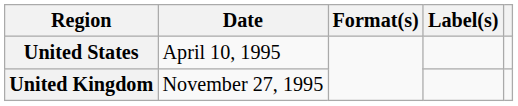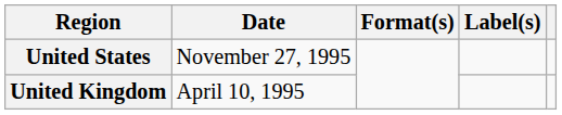 <table class="wikitable plainrowheaders">
 <tr>
 <th scope="col">Region</th>
 <th scope="col">Date</th>
 <th scope="col">Format(s)</th>
 <th scope="col">Label(s)</th>
 <th scope="col"></th>
 </tr>
 <tr>
 <th scope="row">United States</th>
-<td>April 10, 1995</td>
+<td>November 27, 1995</td>
 <td rowspan="2"></td>
 <td></td>
 <td></td>
 </tr>
 <tr>
 <th scope="row">United Kingdom</th>
-<td>November 27, 1995</td>
+<td>April 10, 1995</td>
 <td></td>
 <td></td>
 </tr>
 </table>
